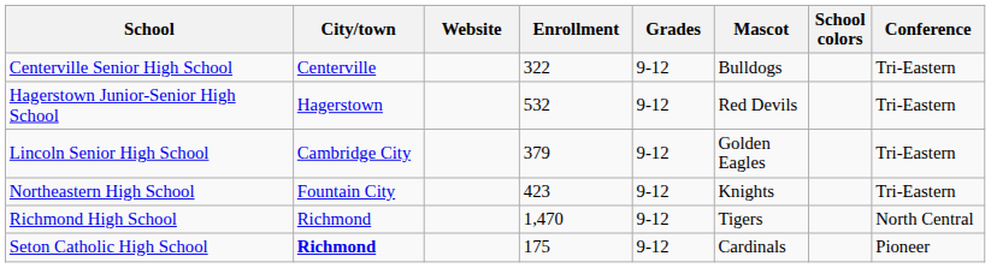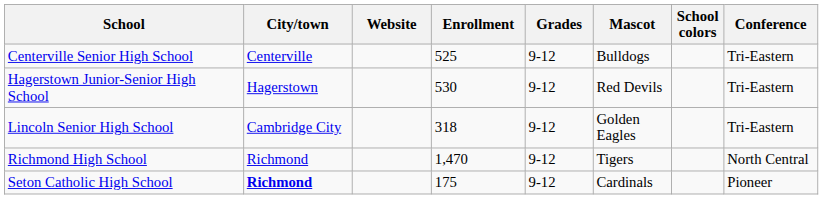 <table class="wikitable sortable" width="70%">
 <tr>
 <th width="20%">School</th>
 <th width="08%">City/town</th>
 <th width="06%">Website</th>
 <th width="04%">Enrollment</th>
 <th width="04%">Grades</th>
 <th width="04%">Mascot</th>
 <th width=01%>School colors</th>
 <th width="04%">Conference</th>
 </tr>
 <tr>
 <td><a href='#'>Centerville Senior High School</a></td>
 <td><a href='#'>Centerville</a></td>
 <td></td>
-<td>322</td>
+<td>525</td>
 <td>9-12</td>
 <td>Bulldogs</td>
 <td> </td>
 <td>Tri-Eastern</td>
 </tr>
 <tr>
 <td><a href='#'>Hagerstown Junior-Senior High School</a></td>
 <td><a href='#'>Hagerstown</a></td>
 <td></td>
-<td>532</td>
+<td>530</td>
 <td>9-12</td>
 <td>Red Devils</td>
 <td>  </td>
 <td>Tri-Eastern</td>
 </tr>
 <tr>
 <td><a href='#'>Lincoln Senior High School</a></td>
 <td><a href='#'>Cambridge City</a></td>
 <td></td>
-<td>379</td>
+<td>318</td>
 <td>9-12</td>
 <td>Golden Eagles</td>
-<td>  </td>
-<td>Tri-Eastern</td>
-</tr>
-<tr>
-<td><a href='#'>Northeastern High School</a></td>
-<td><a href='#'>Fountain City</a></td>
-<td></td>
-<td>423</td>
-<td>9-12</td>
-<td>Knights</td>
 <td>  </td>
 <td>Tri-Eastern</td>
 </tr>
 <tr>
 <td><a href='#'>Richmond High School</a></td>
 <td><a href='#'>Richmond</a></td>
 <td></td>
 <td>1,470</td>
 <td>9-12</td>
 <td>Tigers</td>
 <td> </td>
 <td>North Central</td>
 </tr>
 <tr>
 <td><a href='#'>Seton Catholic High School</a></td>
 <td><strong><a href='#'>Richmond</a></strong></td>
 <td></td>
 <td>175</td>
 <td>9-12</td>
 <td>Cardinals</td>
 <td>   </td>
 <td>Pioneer</td>
 </tr>
 </table>
